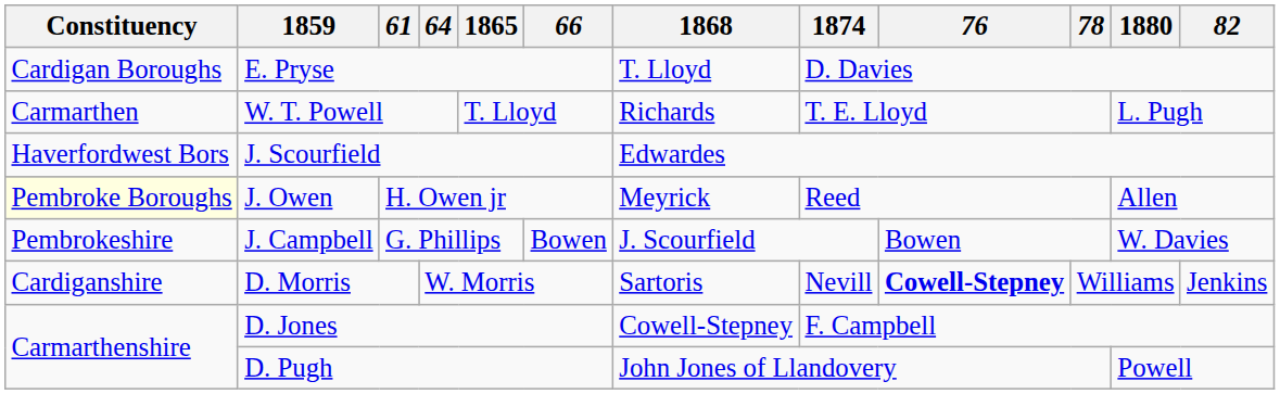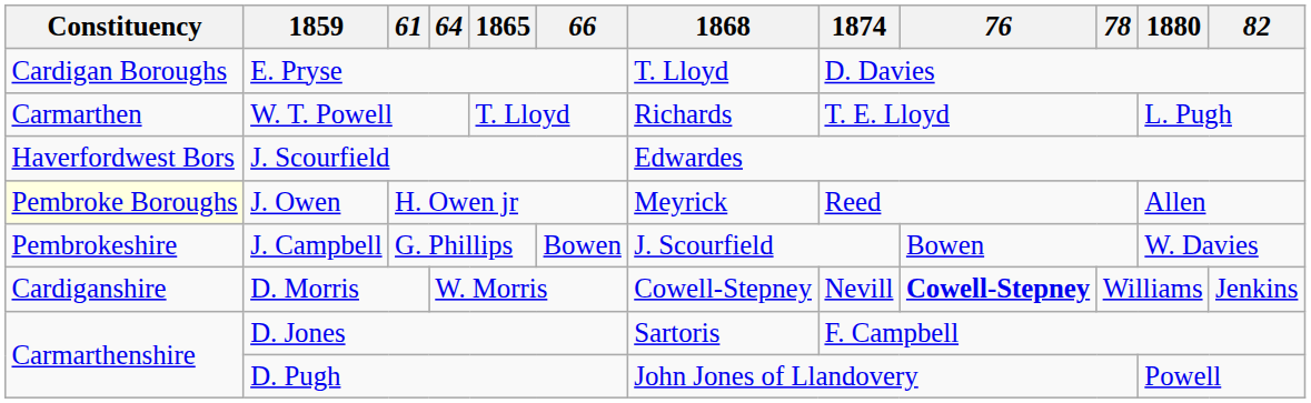 <table class="wikitable">
 <tr>
 <th>Constituency</th>
 <th>1859</th>
 <th><em>61</em></th>
 <th><em>64</em></th>
 <th>1865</th>
 <th><em>66</em></th>
 <th>1868</th>
 <th>1874</th>
 <th><em>76</em></th>
 <th><em>78</em></th>
 <th>1880</th>
 <th><em>82</em></th>
 </tr>
 <tr>
 <td><a href='#'>Cardigan Boroughs</a></td>
 <td colspan="5"><a href='#'>E. Pryse</a></td>
 <td><a href='#'>T. Lloyd</a></td>
 <td colspan="5"><a href='#'>D. Davies</a></td>
 </tr>
 <tr>
 <td><a href='#'>Carmarthen</a></td>
 <td colspan="3"><a href='#'>W. T. Powell</a></td>
 <td colspan="2"><a href='#'>T. Lloyd</a></td>
 <td><a href='#'>Richards</a></td>
 <td colspan="3"><a href='#'>T. E. Lloyd</a></td>
 <td colspan="2"><a href='#'>L. Pugh</a></td>
 </tr>
 <tr>
 <td><a href='#'>Haverfordwest Bors</a></td>
 <td colspan="5"><a href='#'>J. Scourfield</a></td>
 <td colspan="6"><a href='#'>Edwardes</a></td>
 </tr>
 <tr>
 <td style="background: lightyellow;"><a href='#'>Pembroke Boroughs</a></td>
 <td><a href='#'>J. Owen</a></td>
 <td colspan="4"><a href='#'>H. Owen jr</a></td>
 <td><a href='#'>Meyrick</a></td>
 <td colspan="3"><a href='#'>Reed</a></td>
 <td colspan="2"><a href='#'>Allen</a></td>
 </tr>
 <tr>
 <td><a href='#'>Pembrokeshire</a></td>
 <td><a href='#'>J. Campbell</a></td>
 <td colspan="3"><a href='#'>G. Phillips</a></td>
 <td><a href='#'>Bowen</a></td>
 <td colspan="2"><a href='#'>J. Scourfield</a></td>
 <td colspan="2"><a href='#'>Bowen</a></td>
 <td colspan="2"><a href='#'>W. Davies</a></td>
 </tr>
 <tr>
 <td><a href='#'>Cardiganshire</a></td>
 <td colspan="2"><a href='#'>D. Morris</a></td>
 <td colspan="3"><a href='#'>W. Morris</a></td>
-<td><a href='#'>Sartoris</a></td>
+<td><a href='#'>Cowell-Stepney</a></td>
 <td><a href='#'>Nevill</a></td>
 <td><strong><a href='#'>Cowell-Stepney</a></strong></td>
 <td colspan="2"><a href='#'>Williams</a></td>
 <td><a href='#'>Jenkins</a></td>
 </tr>
 <tr>
 <td rowspan="2"><a href='#'>Carmarthenshire</a></td>
 <td colspan="5"><a href='#'>D. Jones</a></td>
-<td><a href='#'>Cowell-Stepney</a></td>
+<td><a href='#'>Sartoris</a></td>
 <td colspan="5"><a href='#'>F. Campbell</a></td>
 </tr>
 <tr>
 <td colspan="5"><a href='#'>D. Pugh</a></td>
 <td colspan="4"><a href='#'>John Jones of Llandovery</a></td>
 <td colspan="2"><a href='#'>Powell</a></td>
 </tr>
 </table>
